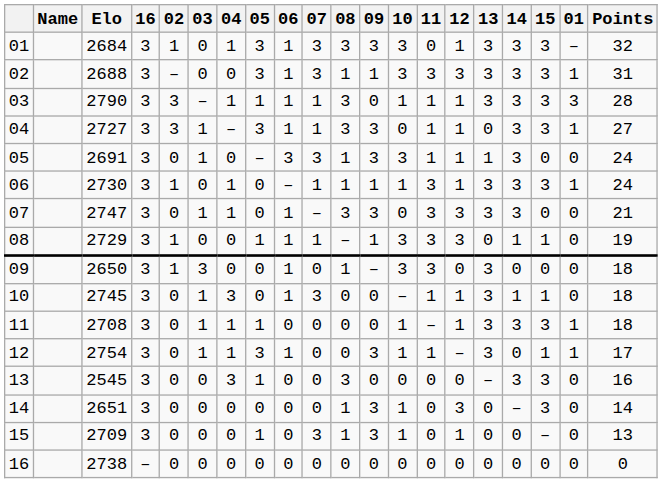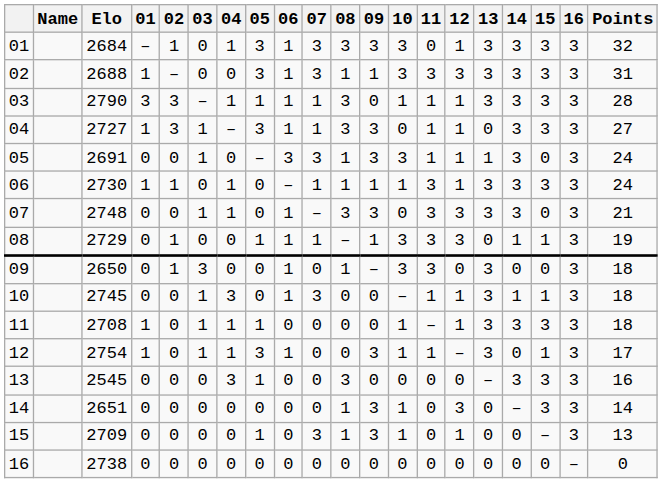 <table class="wikitable" style="text-align:center">
 <tr>
 <th></th>
 <th>Name</th>
 <th>Elo</th>
-<th>16</th>
+<th>01</th>
 <th>02</th>
 <th>03</th>
 <th>04</th>
 <th>05</th>
 <th>06</th>
 <th>07</th>
 <th>08</th>
 <th>09</th>
 <th>10</th>
 <th>11</th>
 <th>12</th>
 <th>13</th>
 <th>14</th>
 <th>15</th>
-<th>01</th>
+<th>16</th>
 <th>Points</th>
 </tr>
 <tr>
 <td>01</td>
 <td style="text-align:left;" data-sort-value="Sevian"></td>
 <td>2684</td>
-<td>3</td>
+<td>–</td>
 <td>1</td>
 <td>0</td>
 <td>1</td>
 <td>3</td>
 <td>1</td>
 <td>3</td>
 <td>3</td>
 <td>3</td>
 <td>3</td>
 <td>0</td>
 <td>1</td>
 <td>3</td>
 <td>3</td>
 <td>3</td>
-<td>–</td>
+<td>3</td>
 <td>32</td>
 </tr>
 <tr>
 <td>02</td>
 <td style="text-align:left;" data-sort-value="Erigaisi"></td>
 <td>2688</td>
-<td>3</td>
+<td>1</td>
 <td>–</td>
 <td>0</td>
 <td>0</td>
 <td>3</td>
 <td>1</td>
 <td>3</td>
 <td>1</td>
 <td>1</td>
 <td>3</td>
 <td>3</td>
 <td>3</td>
 <td>3</td>
 <td>3</td>
 <td>3</td>
-<td>1</td>
+<td>3</td>
 <td>31</td>
 </tr>
 <tr>
 <td>03</td>
 <td style="text-align:left;" data-sort-value="Duda"></td>
 <td>2790</td>
 <td>3</td>
 <td>3</td>
 <td>–</td>
 <td>1</td>
 <td>1</td>
 <td>1</td>
 <td>1</td>
 <td>3</td>
 <td>0</td>
 <td>1</td>
 <td>1</td>
 <td>1</td>
 <td>3</td>
 <td>3</td>
 <td>3</td>
 <td>3</td>
 <td>28</td>
 </tr>
 <tr>
 <td>04</td>
 <td style="text-align:left;" data-sort-value="Rapport"></td>
 <td>2727</td>
-<td>3</td>
+<td>1</td>
 <td>3</td>
 <td>1</td>
 <td>–</td>
 <td>3</td>
 <td>1</td>
 <td>1</td>
 <td>3</td>
 <td>3</td>
 <td>0</td>
 <td>1</td>
 <td>1</td>
 <td>0</td>
 <td>3</td>
 <td>3</td>
-<td>1</td>
+<td>3</td>
 <td>27</td>
 </tr>
 <tr>
 <td>05</td>
 <td style="text-align:left;" data-sort-value="Xiong"></td>
 <td>2691</td>
-<td>3</td>
+<td>0</td>
 <td>0</td>
 <td>1</td>
 <td>0</td>
 <td>–</td>
 <td>3</td>
 <td>3</td>
 <td>1</td>
 <td>3</td>
 <td>3</td>
 <td>1</td>
 <td>1</td>
 <td>1</td>
 <td>3</td>
 <td>0</td>
-<td>0</td>
+<td>3</td>
 <td>24</td>
 </tr>
 <tr>
 <td>06</td>
 <td style="text-align:left;" data-sort-value="Giri"></td>
 <td>2730</td>
-<td>3</td>
+<td>1</td>
 <td>1</td>
 <td>0</td>
 <td>1</td>
 <td>0</td>
 <td>–</td>
 <td>1</td>
 <td>1</td>
 <td>1</td>
 <td>1</td>
 <td>3</td>
 <td>1</td>
 <td>3</td>
 <td>3</td>
 <td>3</td>
-<td>1</td>
+<td>3</td>
 <td>24</td>
 </tr>
 <tr>
 <td>07</td>
 <td style="text-align:left;" data-sort-value="Aronian"></td>
-<td>2747</td>
-<td>3</td>
+<td>2748</td>
+<td>0</td>
 <td>0</td>
 <td>1</td>
 <td>1</td>
 <td>0</td>
 <td>1</td>
 <td>–</td>
 <td>3</td>
 <td>3</td>
 <td>0</td>
 <td>3</td>
 <td>3</td>
 <td>3</td>
 <td>3</td>
 <td>0</td>
-<td>0</td>
+<td>3</td>
 <td>21</td>
 </tr>
 <tr>
 <td>08</td>
 <td style="text-align:left;" data-sort-value="Wei"></td>
 <td>2729</td>
-<td>3</td>
+<td>0</td>
 <td>1</td>
 <td>0</td>
 <td>0</td>
 <td>1</td>
 <td>1</td>
 <td>1</td>
 <td>–</td>
 <td>1</td>
 <td>3</td>
 <td>3</td>
 <td>3</td>
 <td>0</td>
 <td>1</td>
 <td>1</td>
-<td>0</td>
+<td>3</td>
 <td>19</td>
 </tr>
 <tr>
 <td style="border-top: 2px solid #000000;">09</td>
 <td style="text-align:left; border-top: 2px solid #000000;" data-sort-value="Tari"></td>
 <td style="border-top: 2px solid #000000;">2650</td>
-<td style="border-top: 2px solid #000000;">3</td>
+<td style="border-top: 2px solid #000000;">0</td>
 <td style="border-top: 2px solid #000000;">1</td>
 <td style="border-top: 2px solid #000000;">3</td>
 <td style="border-top: 2px solid #000000;">0</td>
 <td style="border-top: 2px solid #000000;">0</td>
 <td style="border-top: 2px solid #000000;">1</td>
 <td style="border-top: 2px solid #000000;">0</td>
 <td style="border-top: 2px solid #000000;">1</td>
 <td style="border-top: 2px solid #000000;">–</td>
 <td style="border-top: 2px solid #000000;">3</td>
 <td style="border-top: 2px solid #000000;">3</td>
 <td style="border-top: 2px solid #000000;">0</td>
 <td style="border-top: 2px solid #000000;">3</td>
 <td style="border-top: 2px solid #000000;">0</td>
 <td style="border-top: 2px solid #000000;">0</td>
-<td style="border-top: 2px solid #000000;">0</td>
+<td style="border-top: 2px solid #000000;">3</td>
 <td style="border-top: 2px solid #000000;">18</td>
 </tr>
 <tr>
 <td>10</td>
 <td style="text-align:left;" data-sort-value="Mamedyarov"></td>
 <td>2745</td>
-<td>3</td>
+<td>0</td>
 <td>0</td>
 <td>1</td>
 <td>3</td>
 <td>0</td>
 <td>1</td>
 <td>3</td>
 <td>0</td>
 <td>0</td>
 <td>–</td>
 <td>1</td>
 <td>1</td>
 <td>3</td>
 <td>1</td>
 <td>1</td>
-<td>0</td>
+<td>3</td>
 <td>18</td>
 </tr>
 <tr>
 <td>11</td>
 <td style="text-align:left;" data-sort-value="Wojtaszek"></td>
 <td>2708</td>
-<td>3</td>
+<td>1</td>
 <td>0</td>
 <td>1</td>
 <td>1</td>
 <td>1</td>
 <td>0</td>
 <td>0</td>
 <td>0</td>
 <td>0</td>
 <td>1</td>
 <td>–</td>
 <td>1</td>
 <td>3</td>
 <td>3</td>
 <td>3</td>
-<td>1</td>
+<td>3</td>
 <td>18</td>
 </tr>
 <tr>
 <td>12</td>
 <td style="text-align:left;" data-sort-value="Domínguez"></td>
 <td>2754</td>
-<td>3</td>
+<td>1</td>
 <td>0</td>
 <td>1</td>
 <td>1</td>
 <td>3</td>
 <td>1</td>
 <td>0</td>
 <td>0</td>
 <td>3</td>
 <td>1</td>
 <td>1</td>
 <td>–</td>
 <td>3</td>
 <td>0</td>
 <td>1</td>
-<td>1</td>
+<td>3</td>
 <td>17</td>
 </tr>
 <tr>
 <td>13</td>
 <td style="text-align:left;" data-sort-value="Ju"></td>
 <td>2545</td>
-<td>3</td>
+<td>0</td>
 <td>0</td>
 <td>0</td>
 <td>3</td>
 <td>1</td>
 <td>0</td>
 <td>0</td>
 <td>3</td>
 <td>0</td>
 <td>0</td>
 <td>0</td>
 <td>0</td>
 <td>–</td>
 <td>3</td>
 <td>3</td>
-<td>0</td>
+<td>3</td>
 <td>16</td>
 </tr>
 <tr>
 <td>14</td>
 <td style="text-align:left;" data-sort-value="Niemann"></td>
 <td>2651</td>
-<td>3</td>
+<td>0</td>
 <td>0</td>
 <td>0</td>
 <td>0</td>
 <td>0</td>
 <td>0</td>
 <td>0</td>
 <td>1</td>
 <td>3</td>
 <td>1</td>
 <td>0</td>
 <td>3</td>
 <td>0</td>
 <td>–</td>
 <td>3</td>
-<td>0</td>
+<td>3</td>
 <td>14</td>
 </tr>
 <tr>
 <td>15</td>
 <td style="text-align:left;" data-sort-value="Shankland"></td>
 <td>2709</td>
-<td>3</td>
+<td>0</td>
 <td>0</td>
 <td>0</td>
 <td>0</td>
 <td>1</td>
 <td>0</td>
 <td>3</td>
 <td>1</td>
 <td>3</td>
 <td>1</td>
 <td>0</td>
 <td>1</td>
 <td>0</td>
 <td>0</td>
 <td>–</td>
-<td>0</td>
+<td>3</td>
 <td>13</td>
 </tr>
 <tr>
 <td>16</td>
 <td style="text-align:left;" data-sort-value="Radjabov"></td>
 <td>2738</td>
-<td>–</td>
 <td>0</td>
 <td>0</td>
 <td>0</td>
 <td>0</td>
 <td>0</td>
 <td>0</td>
 <td>0</td>
 <td>0</td>
 <td>0</td>
 <td>0</td>
 <td>0</td>
 <td>0</td>
 <td>0</td>
 <td>0</td>
 <td>0</td>
+<td>–</td>
 <td>0</td>
 </tr>
 </table>
